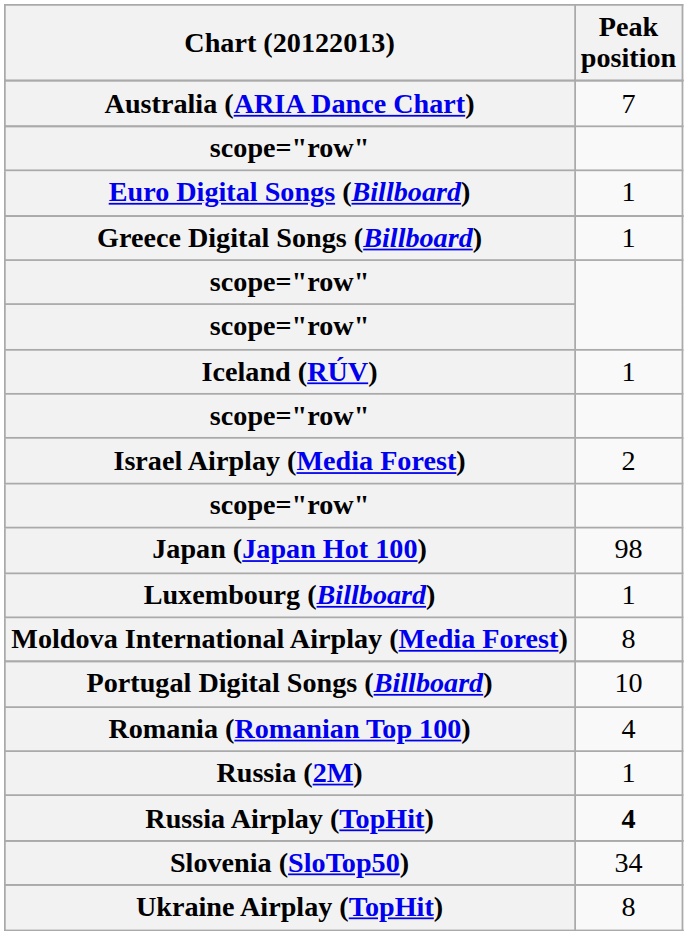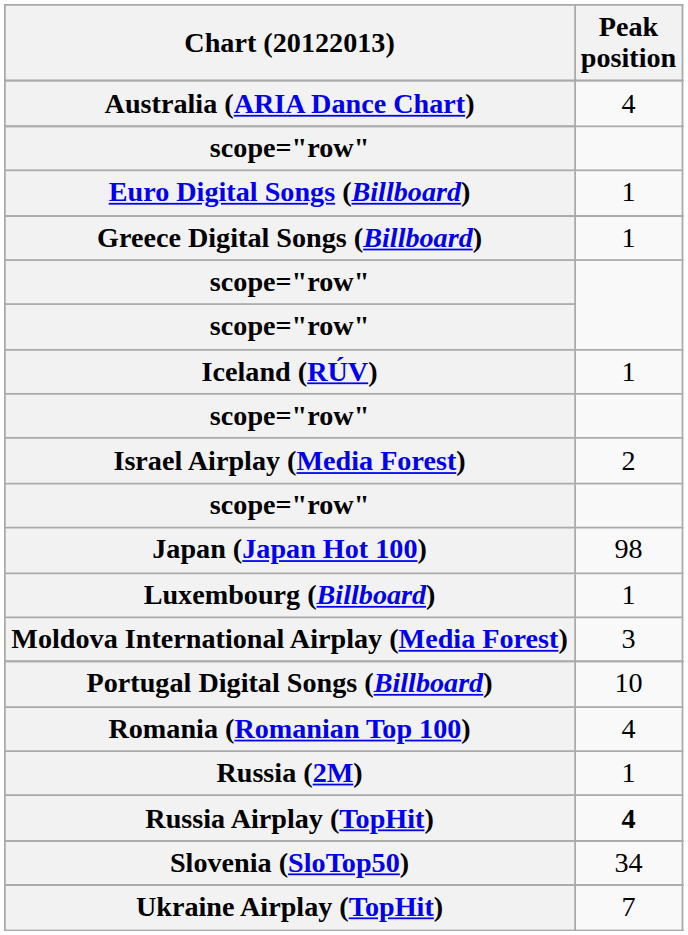 <table class="wikitable sortable plainrowheaders" style="text-align:center">
 <tr>
 <th scope="col">Chart (20122013)</th>
 <th scope="col">Peak<br>position</th>
 </tr>
 <tr>
 </tr>
 <tr>
 <th scope="row">Australia (<a href='#'>ARIA Dance Chart</a>)</th>
-<td style="text-align:center;">7</td>
+<td style="text-align:center;">4</td>
 </tr>
 <tr>
 </tr>
 <tr>
 </tr>
 <tr>
 </tr>
 <tr>
 </tr>
 <tr>
 </tr>
 <tr>
 </tr>
 <tr>
 <th>scope="row" </th>
 </tr>
 <tr>
 <th scope="row"><a href='#'>Euro Digital Songs</a> (<em><a href='#'>Billboard</a></em>)</th>
 <td style="text-align:center;">1</td>
 </tr>
 <tr>
 </tr>
 <tr>
 </tr>
 <tr>
 </tr>
 <tr>
 <th scope="row">Greece Digital Songs (<em><a href='#'>Billboard</a></em>)</th>
 <td style="text-align:center;">1</td>
 </tr>
 <tr>
 <th>scope="row" </th>
 </tr>
 <tr>
 <th>scope="row" </th>
 </tr>
 <tr>
 <th scope="row">Iceland (<a href='#'>RÚV</a>)</th>
 <td style="text-align:center;">1</td>
 </tr>
 <tr>
 <th>scope="row" </th>
 </tr>
 <tr>
 <th scope="row">Israel Airplay (<a href='#'>Media Forest</a>)</th>
 <td style="text-align:center;">2</td>
 </tr>
 <tr>
 <th>scope="row" </th>
 </tr>
 <tr>
 <th scope="row">Japan (<a href='#'>Japan Hot 100</a>)</th>
 <td style="text-align:center;">98</td>
 </tr>
 <tr>
 <th scope="row">Luxembourg (<em><a href='#'>Billboard</a></em>)</th>
 <td style="text-align:center;">1</td>
 </tr>
 <tr>
 <th scope="row">Moldova International Airplay (<a href='#'>Media Forest</a>)</th>
-<td style="text-align:center;">8</td>
+<td style="text-align:center;">3</td>
 </tr>
 <tr>
 </tr>
 <tr>
 </tr>
 <tr>
 </tr>
 <tr>
 </tr>
 <tr>
 <th scope="row">Portugal Digital Songs (<em><a href='#'>Billboard</a></em>)</th>
 <td style="text-align:center;">10</td>
 </tr>
 <tr>
 <th scope="row">Romania (<a href='#'>Romanian Top 100</a>)</th>
 <td style="text-align:center;">4</td>
 </tr>
 <tr>
 <th scope="row">Russia (<a href='#'>2M</a>)</th>
 <td style="text-align:center;">1</td>
 </tr>
 <tr>
 <th scope="row">Russia Airplay (<a href='#'>TopHit</a>)</th>
 <td><strong>4</strong></td>
 </tr>
 <tr>
 </tr>
 <tr>
 </tr>
 <tr>
 <th scope="row">Slovenia (<a href='#'>SloTop50</a>)</th>
 <td align=center>34</td>
 </tr>
 <tr>
 </tr>
 <tr>
 </tr>
 <tr>
 </tr>
 <tr>
 <th scope="row">Ukraine Airplay (<a href='#'>TopHit</a>)</th>
-<td>8</td>
+<td>7</td>
 </tr>
 <tr>
 </tr>
 <tr>
 </tr>
 </table>
